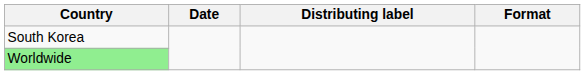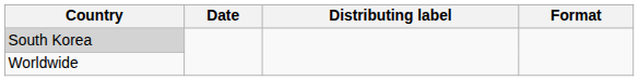 <table class="wikitable" style="width:670px;">
 <tr>
 <th>Country</th>
 <th>Date</th>
 <th>Distributing label</th>
 <th>Format</th>
 </tr>
 <tr>
-<td>South Korea</td>
+<td style="background: lightgrey;">South Korea</td>
 <td rowspan="2"></td>
 <td rowspan="2"></td>
 <td rowspan="2"></td>
 </tr>
 <tr>
-<td style="background: lightgreen;">Worldwide</td>
+<td>Worldwide</td>
 </tr>
 </table>
